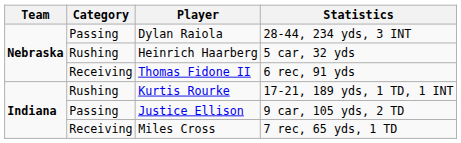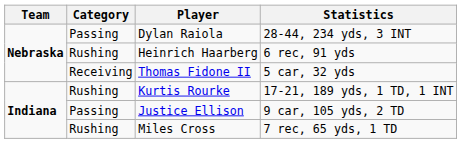 <table class="wikitable" style="float: right;">
 <tr>
 <th>Team</th>
 <th>Category</th>
 <th>Player</th>
 <th>Statistics</th>
 </tr>
 <tr>
 <td rowspan=3><strong>Nebraska</strong></td>
 <td>Passing</td>
 <td>Dylan Raiola</td>
 <td>28-44, 234 yds, 3 INT</td>
 </tr>
 <tr>
 <td>Rushing</td>
 <td>Heinrich Haarberg</td>
-<td>5 car, 32 yds</td>
+<td>6 rec, 91 yds</td>
 </tr>
 <tr>
 <td>Receiving</td>
 <td><a href='#'>Thomas Fidone II</a></td>
-<td>6 rec, 91 yds</td>
+<td>5 car, 32 yds</td>
 </tr>
 <tr>
 <td rowspan=3><strong>Indiana</strong></td>
 <td>Rushing</td>
 <td><a href='#'>Kurtis Rourke</a></td>
 <td>17-21, 189 yds, 1 TD, 1 INT</td>
 </tr>
 <tr>
 <td>Passing</td>
 <td><a href='#'>Justice Ellison</a></td>
 <td>9 car, 105 yds, 2 TD</td>
 </tr>
 <tr>
-<td>Receiving</td>
+<td>Rushing</td>
 <td>Miles Cross</td>
 <td>7 rec, 65 yds, 1 TD</td>
 </tr>
 </table>
